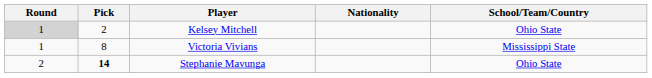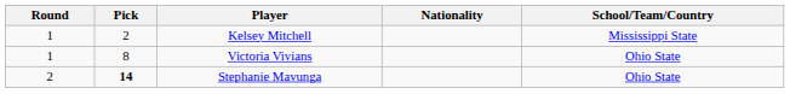 <table class="wikitable" style="text-align:center; width:60em">
 <tr>
 <th>Round</th>
 <th>Pick</th>
 <th>Player</th>
 <th>Nationality</th>
 <th>School/Team/Country</th>
 </tr>
 <tr>
-<td style="background: lightgrey;">1</td>
+<td>1</td>
 <td>2</td>
 <td><a href='#'>Kelsey Mitchell</a></td>
 <td></td>
-<td><a href='#'>Ohio State</a></td>
+<td><a href='#'>Mississippi State</a></td>
 </tr>
 <tr>
 <td>1</td>
 <td>8</td>
 <td><a href='#'>Victoria Vivians</a></td>
 <td></td>
-<td><a href='#'>Mississippi State</a></td>
+<td><a href='#'>Ohio State</a></td>
 </tr>
 <tr>
 <td>2</td>
 <td><strong>14</strong></td>
 <td><a href='#'>Stephanie Mavunga</a></td>
 <td></td>
 <td><a href='#'>Ohio State</a></td>
 </tr>
 </table>
